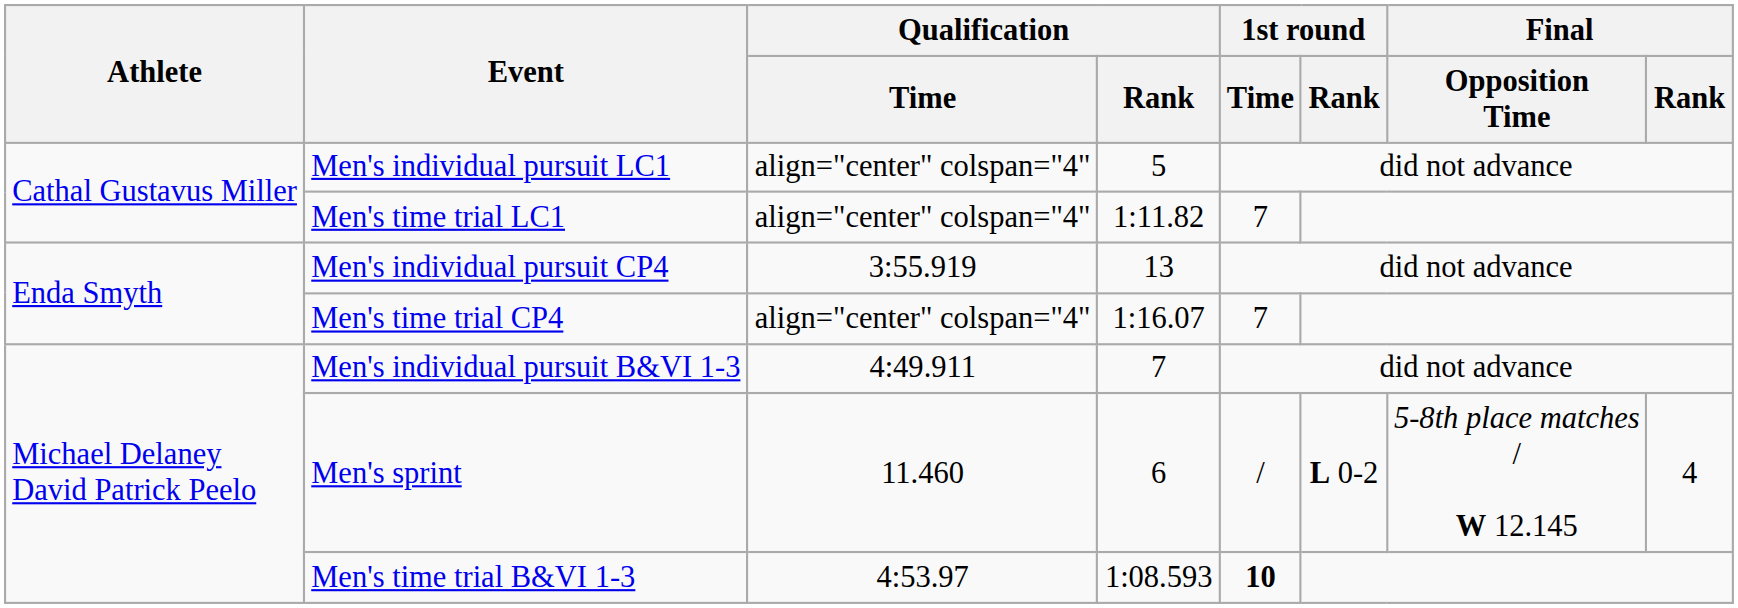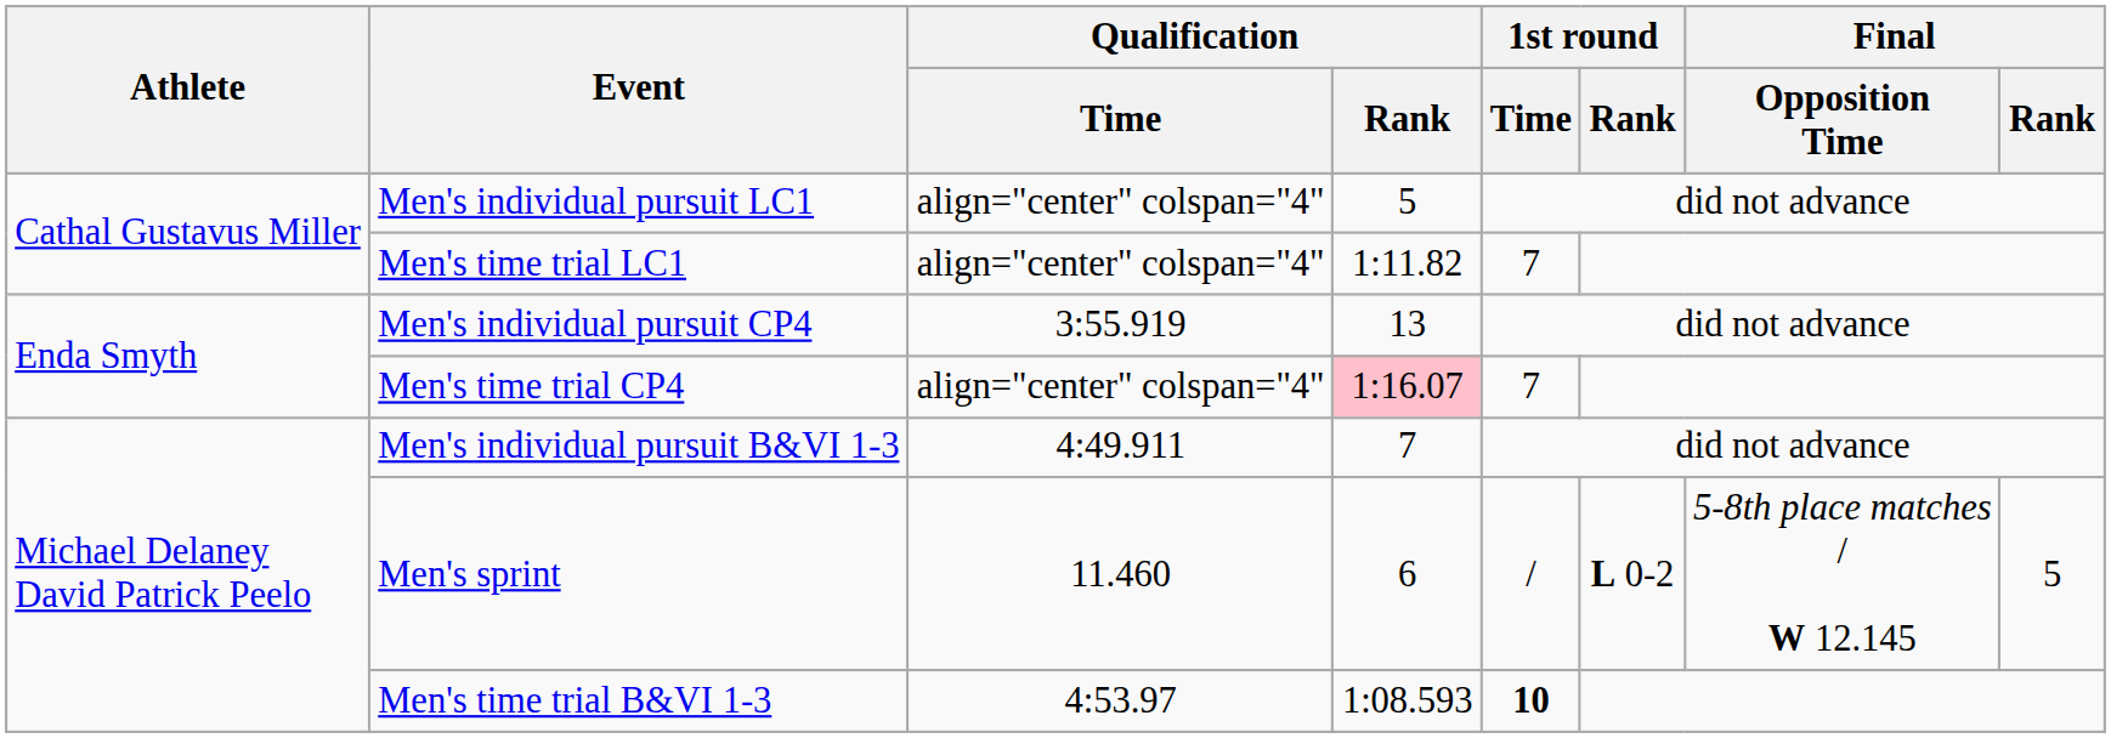 <table class=wikitable style="font-size:90%">
 <tr>
 <th rowspan="2">Athlete</th>
 <th rowspan="2">Event</th>
 <th colspan="2">Qualification</th>
 <th colspan="2">1st round</th>
 <th colspan="2">Final</th>
 </tr>
 <tr>
 <th>Time</th>
 <th>Rank</th>
 <th>Time</th>
 <th>Rank</th>
 <th>Opposition<br>Time</th>
 <th>Rank</th>
 </tr>
 <tr>
 <td rowspan="2"><a href='#'>Cathal Gustavus Miller</a></td>
 <td><a href='#'>Men's individual pursuit LC1</a></td>
 <td>align="center" colspan="4" </td>
 <td align="center">5</td>
 <td align="center" colspan="4">did not advance</td>
 </tr>
 <tr>
 <td><a href='#'>Men's time trial LC1</a></td>
 <td>align="center" colspan="4" </td>
 <td align="center">1:11.82</td>
 <td align="center">7</td>
 </tr>
 <tr>
 <td rowspan="2"><a href='#'>Enda Smyth</a></td>
 <td><a href='#'>Men's individual pursuit CP4</a></td>
 <td align="center">3:55.919</td>
 <td align="center">13</td>
 <td align="center" colspan="4">did not advance</td>
 </tr>
 <tr>
 <td><a href='#'>Men's time trial CP4</a></td>
 <td>align="center" colspan="4" </td>
-<td align="center">1:16.07</td>
+<td align="center" style="background: pink;">1:16.07</td>
 <td align="center">7</td>
 </tr>
 <tr>
 <td rowspan="3"><a href='#'>Michael Delaney</a><br> <a href='#'>David Patrick Peelo</a></td>
 <td><a href='#'>Men's individual pursuit B&VI 1-3</a></td>
 <td align="center">4:49.911</td>
 <td align="center">7</td>
 <td align="center" colspan="4">did not advance</td>
 </tr>
 <tr>
 <td><a href='#'>Men's sprint</a></td>
 <td align="center">11.460</td>
 <td align="center">6</td>
 <td align="center"> /<br> </td>
 <td align="center"><strong>L</strong> 0-2</td>
 <td align="center"><em>5-8th place matches</em><br>  /<br> <br> <strong>W</strong> 12.145</td>
-<td align="center">4</td>
+<td align="center">5</td>
 </tr>
 <tr>
 <td><a href='#'>Men's time trial B&VI 1-3</a></td>
 <td align="center">4:53.97</td>
 <td align="center">1:08.593</td>
 <td align="center"><strong>10</strong></td>
 </tr>
 </table>
